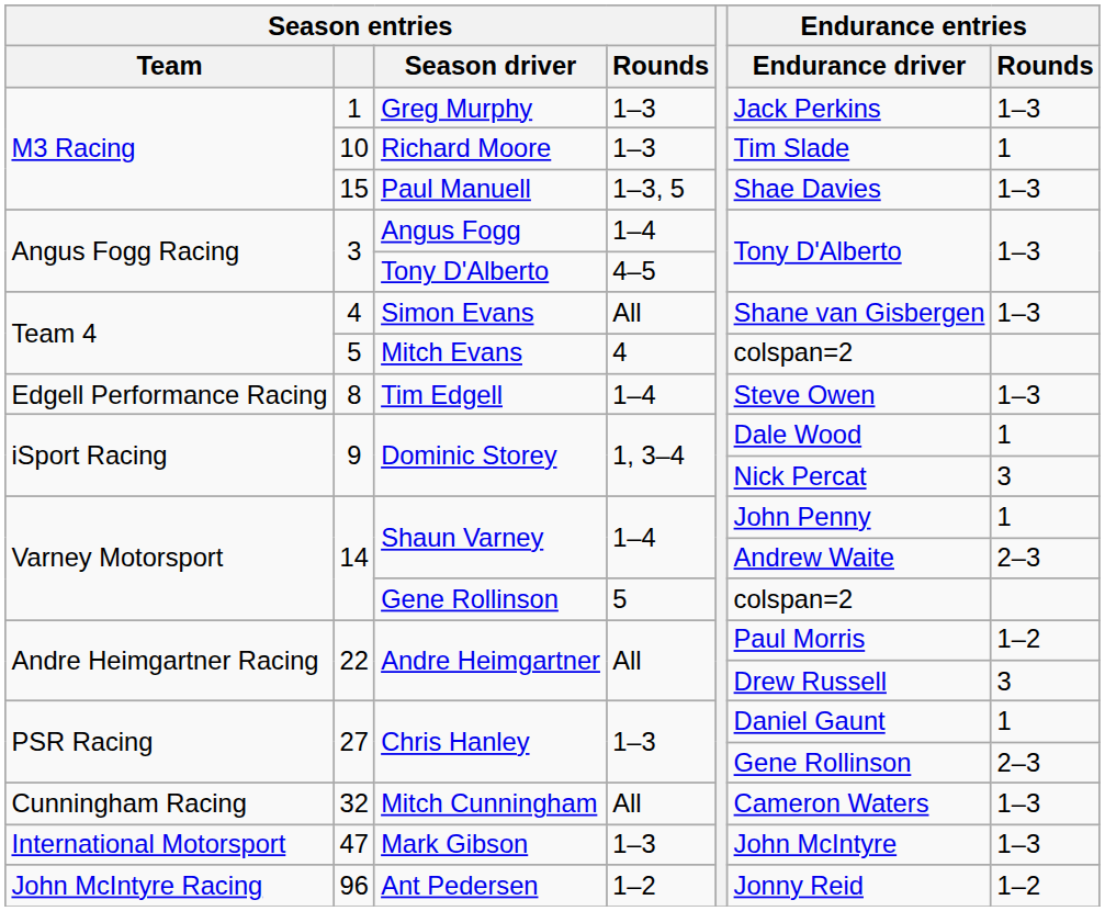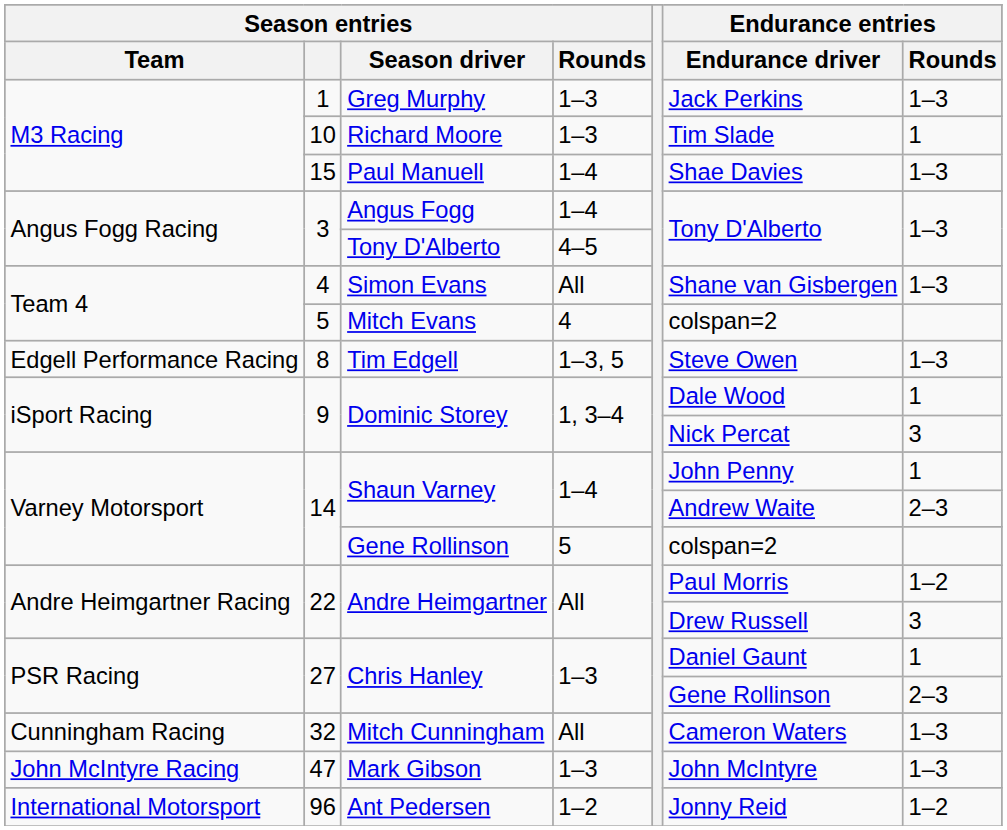 <table class="wikitable" style="font-size: 85%;">
 <tr>
 <th colspan="4">Season entries</th>
 <th rowspan="22"></th>
 <th colspan="2">Endurance entries</th>
 </tr>
 <tr>
 <th>Team</th>
 <th></th>
 <th>Season driver</th>
 <th>Rounds</th>
 <th>Endurance driver</th>
 <th>Rounds</th>
 </tr>
 <tr>
 <td rowspan="3"><a href='#'>M3 Racing</a></td>
 <td align="center">1</td>
 <td> <a href='#'>Greg Murphy</a></td>
 <td>1–3</td>
 <td> <a href='#'>Jack Perkins</a></td>
 <td>1–3</td>
 </tr>
 <tr>
 <td align="center">10</td>
 <td> <a href='#'>Richard Moore</a></td>
 <td>1–3</td>
 <td> <a href='#'>Tim Slade</a></td>
 <td>1</td>
 </tr>
 <tr>
 <td align="center">15</td>
 <td> <a href='#'>Paul Manuell</a></td>
-<td>1–3, 5</td>
+<td>1–4</td>
 <td> <a href='#'>Shae Davies</a></td>
 <td>1–3</td>
 </tr>
 <tr>
 <td rowspan=2>Angus Fogg Racing</td>
 <td align="center" rowspan=2>3</td>
 <td> <a href='#'>Angus Fogg</a></td>
 <td>1–4</td>
 <td rowspan=2> <a href='#'>Tony D'Alberto</a></td>
 <td rowspan=2>1–3</td>
 </tr>
 <tr>
 <td> <a href='#'>Tony D'Alberto</a></td>
 <td>4–5</td>
 </tr>
 <tr>
 <td rowspan=2>Team 4</td>
 <td align="center">4</td>
 <td> <a href='#'>Simon Evans</a></td>
 <td>All</td>
 <td> <a href='#'>Shane van Gisbergen</a></td>
 <td>1–3</td>
 </tr>
 <tr>
 <td align="center">5</td>
 <td> <a href='#'>Mitch Evans</a></td>
 <td>4</td>
 <td>colspan=2 </td>
 </tr>
 <tr>
 <td>Edgell Performance Racing</td>
 <td align="center">8</td>
 <td> <a href='#'>Tim Edgell</a></td>
-<td>1–4</td>
+<td>1–3, 5</td>
 <td> <a href='#'>Steve Owen</a></td>
 <td>1–3</td>
 </tr>
 <tr>
 <td rowspan=2>iSport Racing</td>
 <td rowspan=2 align="center">9</td>
 <td rowspan=2> <a href='#'>Dominic Storey</a></td>
 <td rowspan=2>1, 3–4</td>
 <td> <a href='#'>Dale Wood</a></td>
 <td>1</td>
 </tr>
 <tr>
 <td> <a href='#'>Nick Percat</a></td>
 <td>3</td>
 </tr>
 <tr>
 <td rowspan=3>Varney Motorsport</td>
 <td rowspan=3 align="center">14</td>
 <td rowspan=2> <a href='#'>Shaun Varney</a></td>
 <td rowspan=2>1–4</td>
 <td> <a href='#'>John Penny</a></td>
 <td>1</td>
 </tr>
 <tr>
 <td> <a href='#'>Andrew Waite</a></td>
 <td>2–3</td>
 </tr>
 <tr>
 <td> <a href='#'>Gene Rollinson</a></td>
 <td>5</td>
 <td>colspan=2 </td>
 </tr>
 <tr>
 <td rowspan=2>Andre Heimgartner Racing</td>
 <td rowspan=2 align="center">22</td>
 <td rowspan=2> <a href='#'>Andre Heimgartner</a></td>
 <td rowspan=2>All</td>
 <td> <a href='#'>Paul Morris</a></td>
 <td>1–2</td>
 </tr>
 <tr>
 <td> <a href='#'>Drew Russell</a></td>
 <td>3</td>
 </tr>
 <tr>
 <td rowspan=2>PSR Racing</td>
 <td rowspan=2 align="center">27</td>
 <td rowspan=2> <a href='#'>Chris Hanley</a></td>
 <td rowspan=2>1–3</td>
 <td> <a href='#'>Daniel Gaunt</a></td>
 <td>1</td>
 </tr>
 <tr>
 <td> <a href='#'>Gene Rollinson</a></td>
 <td>2–3</td>
 </tr>
 <tr>
 <td>Cunningham Racing</td>
 <td align="center">32</td>
 <td> <a href='#'>Mitch Cunningham</a></td>
 <td>All</td>
 <td> <a href='#'>Cameron Waters</a></td>
 <td>1–3</td>
 </tr>
 <tr>
-<td><a href='#'>International Motorsport</a></td>
+<td><a href='#'>John McIntyre Racing</a></td>
 <td align="center">47</td>
 <td> <a href='#'>Mark Gibson</a></td>
 <td>1–3</td>
 <td> <a href='#'>John McIntyre</a></td>
 <td>1–3</td>
 </tr>
 <tr>
-<td><a href='#'>John McIntyre Racing</a></td>
+<td><a href='#'>International Motorsport</a></td>
 <td align="center">96</td>
 <td> <a href='#'>Ant Pedersen</a></td>
 <td>1–2</td>
 <td> <a href='#'>Jonny Reid</a></td>
 <td>1–2</td>
 </tr>
 </table>
